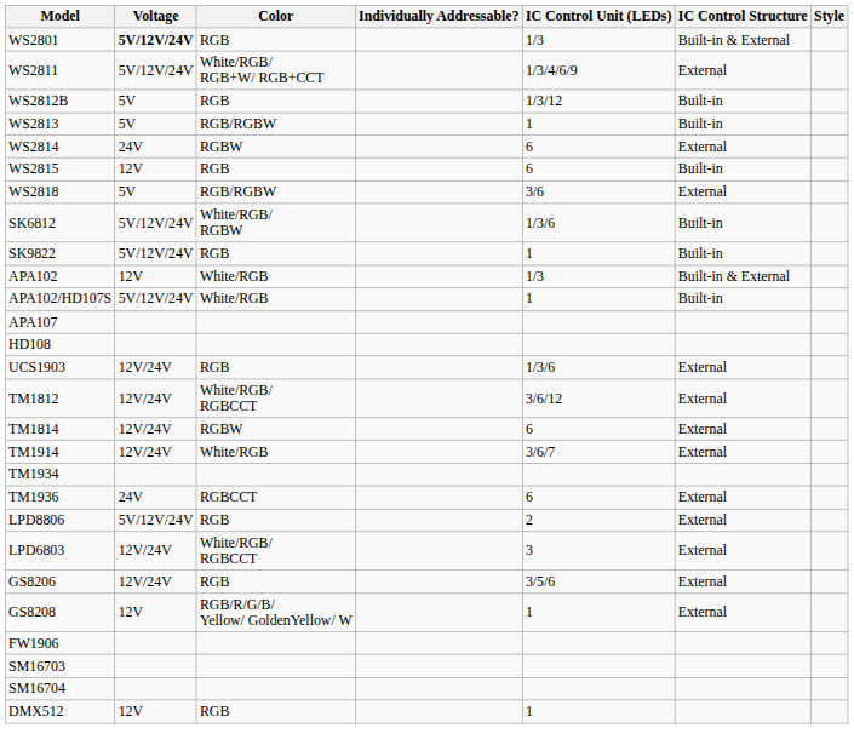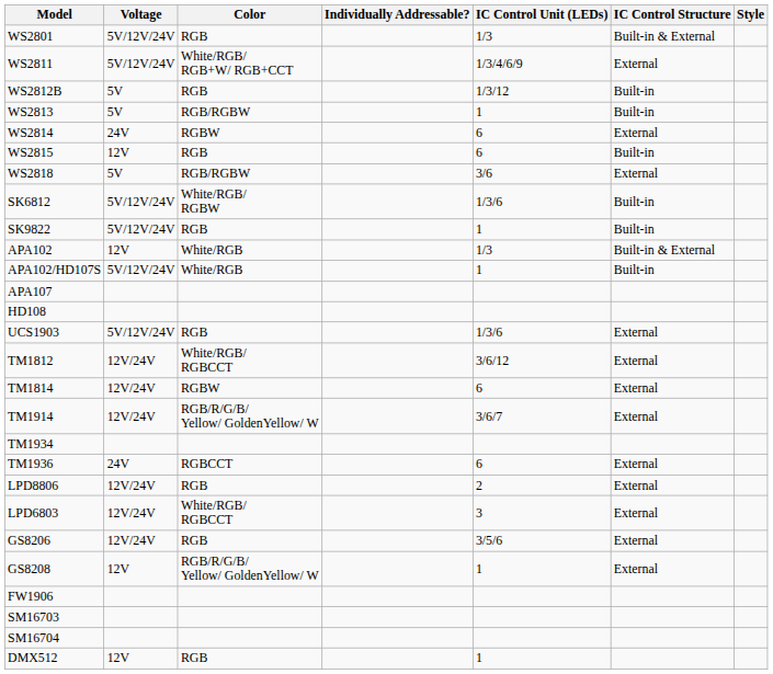 <table class="wikitable mw-collapsible mw-collapsed">
 <tr>
 <th>Model</th>
 <th>Voltage</th>
 <th>Color</th>
 <th>Individually Addressable?</th>
 <th>IC Control Unit (LEDs)</th>
 <th>IC Control Structure</th>
 <th>Style</th>
 </tr>
 <tr>
 <td>WS2801</td>
-<td><strong>5V/12V/24V</strong></td>
+<td>5V/12V/24V</td>
 <td>RGB</td>
 <td></td>
 <td>1/3</td>
 <td>Built-in & External</td>
 <td></td>
 </tr>
 <tr>
 <td>WS2811</td>
 <td>5V/12V/24V</td>
 <td>White/RGB/<br>RGB+W/ RGB+CCT</td>
 <td></td>
 <td>1/3/4/6/9</td>
 <td>External</td>
 <td></td>
 </tr>
 <tr>
 <td>WS2812B</td>
 <td>5V</td>
 <td>RGB</td>
 <td></td>
 <td>1/3/12</td>
 <td>Built-in</td>
 <td></td>
 </tr>
 <tr>
 <td>WS2813</td>
 <td>5V</td>
 <td>RGB/RGBW</td>
 <td></td>
 <td>1</td>
 <td>Built-in</td>
 <td></td>
 </tr>
 <tr>
 <td>WS2814</td>
 <td>24V</td>
 <td>RGBW</td>
 <td></td>
 <td>6</td>
 <td>External</td>
 <td></td>
 </tr>
 <tr>
 <td>WS2815</td>
 <td>12V</td>
 <td>RGB</td>
 <td></td>
 <td>6</td>
 <td>Built-in</td>
 <td></td>
 </tr>
 <tr>
 <td>WS2818</td>
 <td>5V</td>
 <td>RGB/RGBW</td>
 <td></td>
 <td>3/6</td>
 <td>External</td>
 <td></td>
 </tr>
 <tr>
 <td>SK6812</td>
 <td>5V/12V/24V</td>
 <td>White/RGB/<br>RGBW</td>
 <td></td>
 <td>1/3/6</td>
 <td>Built-in</td>
 <td></td>
 </tr>
 <tr>
 <td>SK9822</td>
 <td>5V/12V/24V</td>
 <td>RGB</td>
 <td></td>
 <td>1</td>
 <td>Built-in</td>
 <td></td>
 </tr>
 <tr>
 <td>APA102</td>
 <td>12V</td>
 <td>White/RGB</td>
 <td></td>
 <td>1/3</td>
 <td>Built-in & External</td>
 <td></td>
 </tr>
 <tr>
 <td>APA102/HD107S</td>
 <td>5V/12V/24V</td>
 <td>White/RGB</td>
 <td></td>
 <td>1</td>
 <td>Built-in</td>
 <td></td>
 </tr>
 <tr>
 <td>APA107</td>
 <td></td>
 <td></td>
 <td></td>
 <td></td>
 <td></td>
 <td></td>
 </tr>
 <tr>
 <td>HD108</td>
 <td></td>
 <td></td>
 <td></td>
 <td></td>
 <td></td>
 <td></td>
 </tr>
 <tr>
 <td>UCS1903</td>
-<td>12V/24V</td>
+<td>5V/12V/24V</td>
 <td>RGB</td>
 <td></td>
 <td>1/3/6</td>
 <td>External</td>
 <td></td>
 </tr>
 <tr>
 <td>TM1812</td>
 <td>12V/24V</td>
 <td>White/RGB/<br>RGBCCT</td>
 <td></td>
 <td>3/6/12</td>
 <td>External</td>
 <td></td>
 </tr>
 <tr>
 <td>TM1814</td>
 <td>12V/24V</td>
 <td>RGBW</td>
 <td></td>
 <td>6</td>
 <td>External</td>
 <td></td>
 </tr>
 <tr>
 <td>TM1914</td>
 <td>12V/24V</td>
-<td>White/RGB</td>
+<td>RGB/R/G/B/<br>Yellow/ GoldenYellow/ W</td>
 <td></td>
 <td>3/6/7</td>
 <td>External</td>
 <td></td>
 </tr>
 <tr>
 <td>TM1934</td>
 <td></td>
 <td></td>
 <td></td>
 <td></td>
 <td></td>
 <td></td>
 </tr>
 <tr>
 <td>TM1936</td>
 <td>24V</td>
 <td>RGBCCT</td>
 <td></td>
 <td>6</td>
 <td>External</td>
 <td></td>
 </tr>
 <tr>
 <td>LPD8806</td>
-<td>5V/12V/24V</td>
+<td>12V/24V</td>
 <td>RGB</td>
 <td></td>
 <td>2</td>
 <td>External</td>
 <td></td>
 </tr>
 <tr>
 <td>LPD6803</td>
 <td>12V/24V</td>
 <td>White/RGB/<br>RGBCCT</td>
 <td></td>
 <td>3</td>
 <td>External</td>
 <td></td>
 </tr>
 <tr>
 <td>GS8206</td>
 <td>12V/24V</td>
 <td>RGB</td>
 <td></td>
 <td>3/5/6</td>
 <td>External</td>
 <td></td>
 </tr>
 <tr>
 <td>GS8208</td>
 <td>12V</td>
 <td>RGB/R/G/B/<br>Yellow/ GoldenYellow/ W</td>
 <td></td>
 <td>1</td>
 <td>External</td>
 <td></td>
 </tr>
 <tr>
 <td>FW1906</td>
 <td></td>
 <td></td>
 <td></td>
 <td></td>
 <td></td>
 <td></td>
 </tr>
 <tr>
 <td>SM16703</td>
 <td></td>
 <td></td>
 <td></td>
 <td></td>
 <td></td>
 <td></td>
 </tr>
 <tr>
 <td>SM16704</td>
 <td></td>
 <td></td>
 <td></td>
 <td></td>
 <td></td>
 <td></td>
 </tr>
 <tr>
 <td>DMX512</td>
 <td>12V</td>
 <td>RGB</td>
 <td></td>
 <td>1</td>
 <td></td>
 <td></td>
 </tr>
 </table>
